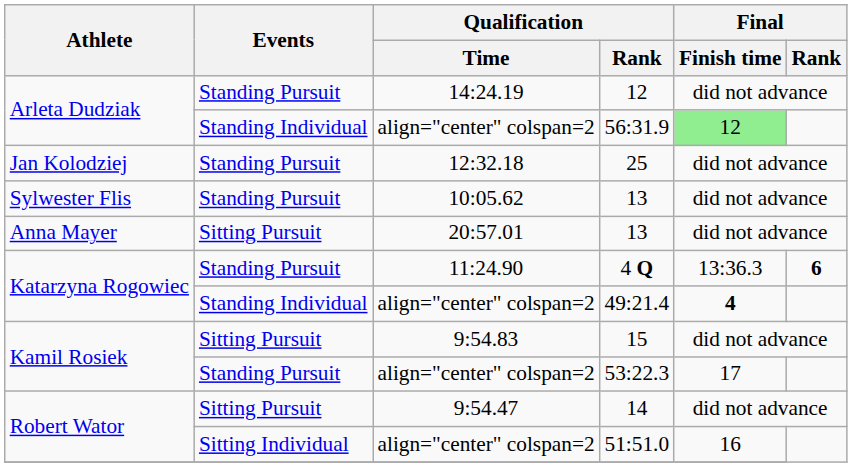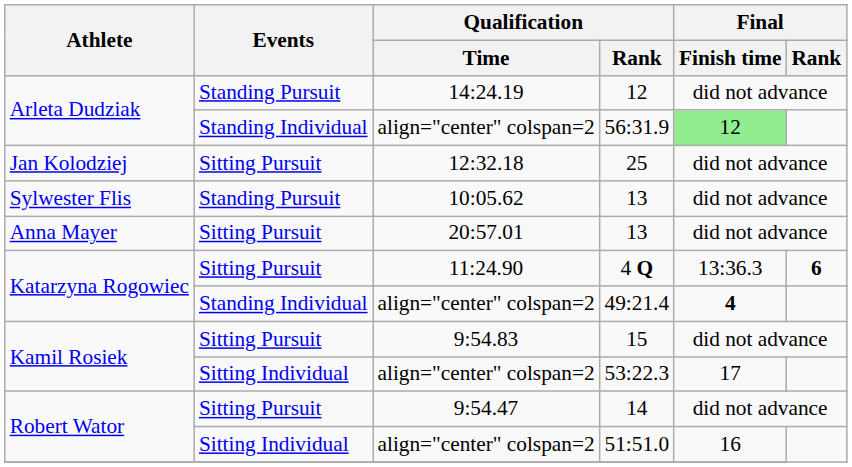 <table class="wikitable" style="font-size:90%">
 <tr>
 <th rowspan="2">Athlete</th>
 <th rowspan="2">Events</th>
 <th colspan="2">Qualification</th>
 <th colspan="2">Final</th>
 </tr>
 <tr>
 <th>Time</th>
 <th>Rank</th>
 <th>Finish time</th>
 <th>Rank</th>
 </tr>
 <tr>
 <td rowspan=2><a href='#'>Arleta Dudziak</a></td>
 <td><a href='#'>Standing Pursuit</a></td>
 <td align="center">14:24.19</td>
 <td align="center">12</td>
 <td align="center" colspan=2>did not advance</td>
 </tr>
 <tr>
 <td><a href='#'>Standing Individual</a></td>
 <td>align="center" colspan=2 </td>
 <td align="center">56:31.9</td>
 <td align="center" style="background: lightgreen;">12</td>
 </tr>
 <tr>
 <td rowspan=1><a href='#'>Jan Kolodziej</a></td>
-<td><a href='#'>Standing Pursuit</a></td>
+<td><a href='#'>Sitting Pursuit</a></td>
 <td align="center">12:32.18</td>
 <td align="center">25</td>
 <td align="center" colspan=2>did not advance</td>
 </tr>
 <tr>
 <td rowspan=1><a href='#'>Sylwester Flis</a></td>
 <td><a href='#'>Standing Pursuit</a></td>
 <td align="center">10:05.62</td>
 <td align="center">13</td>
 <td align="center" colspan=2>did not advance</td>
 </tr>
 <tr>
 <td rowspan=1><a href='#'>Anna Mayer</a></td>
 <td><a href='#'>Sitting Pursuit</a></td>
 <td align="center">20:57.01</td>
 <td align="center">13</td>
 <td align="center" colspan=2>did not advance</td>
 </tr>
 <tr>
 <td rowspan=2><a href='#'>Katarzyna Rogowiec</a></td>
-<td><a href='#'>Standing Pursuit</a></td>
+<td><a href='#'>Sitting Pursuit</a></td>
 <td align="center">11:24.90</td>
 <td align="center">4 <strong>Q</strong></td>
 <td align="center">13:36.3</td>
 <td align="center"><strong>6</strong></td>
 </tr>
 <tr>
 <td><a href='#'>Standing Individual</a></td>
 <td>align="center" colspan=2 </td>
 <td align="center">49:21.4</td>
 <td align="center"><strong>4</strong></td>
 </tr>
 <tr>
 <td rowspan=2><a href='#'>Kamil Rosiek</a></td>
 <td><a href='#'>Sitting Pursuit</a></td>
 <td align="center">9:54.83</td>
 <td align="center">15</td>
 <td align="center" colspan=2>did not advance</td>
 </tr>
 <tr>
-<td><a href='#'>Standing Pursuit</a></td>
+<td><a href='#'>Sitting Individual</a></td>
 <td>align="center" colspan=2 </td>
 <td align="center">53:22.3</td>
 <td align="center">17</td>
 </tr>
 <tr>
 <td rowspan=2><a href='#'>Robert Wator</a></td>
 <td><a href='#'>Sitting Pursuit</a></td>
 <td align="center">9:54.47</td>
 <td align="center">14</td>
 <td align="center" colspan=2>did not advance</td>
 </tr>
 <tr>
 <td><a href='#'>Sitting Individual</a></td>
 <td>align="center" colspan=2 </td>
 <td align="center">51:51.0</td>
 <td align="center">16</td>
 </tr>
 <tr>
 </tr>
 </table>
